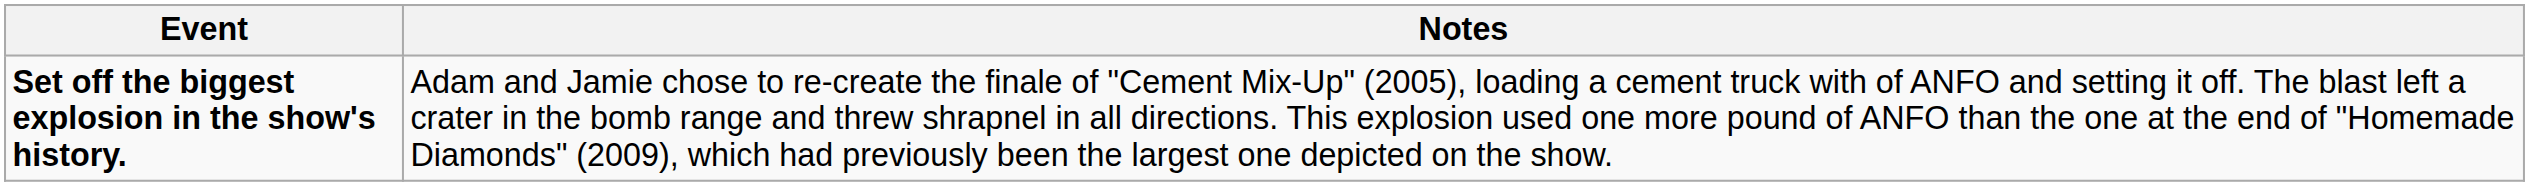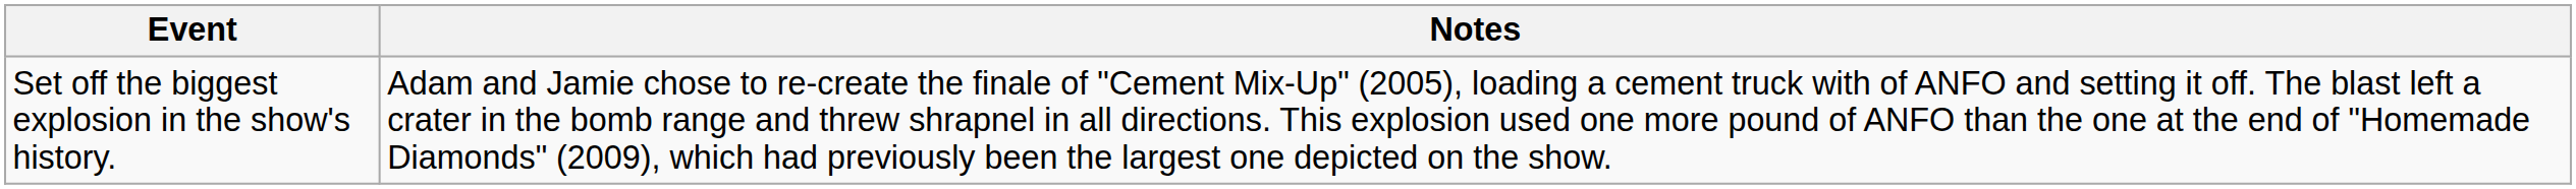 <table class="wikitable plainrowheaders">
 <tr>
 <th scope"col">Event</th>
 <th scope"col">Notes</th>
 </tr>
 <tr>
-<td scope"row"><strong>Set off the biggest explosion in the show's history.</strong></td>
+<td scope"row">Set off the biggest explosion in the show's history.</td>
 <td>Adam and Jamie chose to re-create the finale of "Cement Mix-Up" (2005), loading a cement truck with  of ANFO and setting it off. The blast left a crater in the bomb range and threw shrapnel in all directions. This explosion used one more pound of ANFO than the one at the end of "Homemade Diamonds" (2009), which had previously been the largest one depicted on the show.</td>
 </tr>
 </table>
